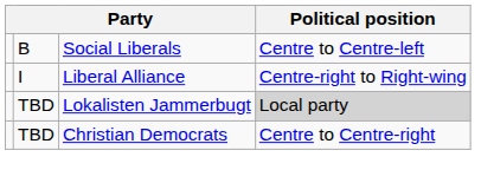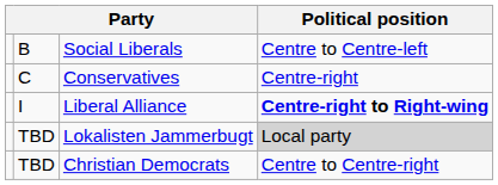 <table class="wikitable">
 <tr>
 <th colspan="3">Party</th>
 <th>Political position</th>
 </tr>
 <tr>
 <td></td>
 <td>B</td>
 <td><a href='#'>Social Liberals</a></td>
 <td><a href='#'>Centre</a> to <a href='#'>Centre-left</a></td>
 </tr>
 <tr>
 <td></td>
+<td>C</td>
+<td><a href='#'>Conservatives</a></td>
+<td><a href='#'>Centre-right</a></td>
+</tr>
+<tr>
+<td></td>
 <td>I</td>
 <td><a href='#'>Liberal Alliance</a></td>
-<td><a href='#'>Centre-right</a> to <a href='#'>Right-wing</a></td>
+<td><strong><a href='#'>Centre-right</a> to <a href='#'>Right-wing</a></strong></td>
 </tr>
 <tr>
 <td></td>
 <td>TBD</td>
 <td><a href='#'>Lokalisten Jammerbugt</a></td>
 <td style="background: lightgrey;">Local party</td>
 </tr>
 <tr>
 <td></td>
 <td>TBD</td>
 <td><a href='#'>Christian Democrats</a></td>
 <td><a href='#'>Centre</a> to <a href='#'>Centre-right</a></td>
 </tr>
 </table>
